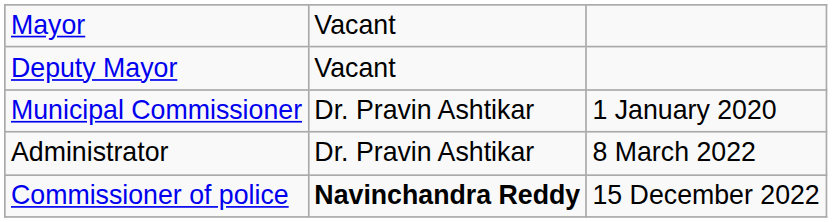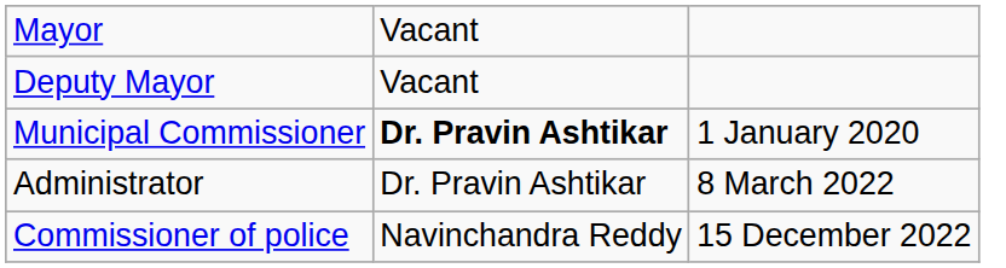 <table class="wikitable">
 <tr>
 <td><a href='#'>Mayor</a></td>
 <td>Vacant</td>
 <td></td>
 </tr>
 <tr>
 <td><a href='#'>Deputy Mayor</a></td>
 <td>Vacant</td>
 <td></td>
 </tr>
 <tr>
 <td><a href='#'>Municipal Commissioner</a></td>
-<td>Dr. Pravin Ashtikar</td>
+<td><strong>Dr. Pravin Ashtikar</strong></td>
 <td>1 January 2020</td>
 </tr>
 <tr>
 <td>Administrator</td>
 <td>Dr. Pravin Ashtikar</td>
 <td>8 March 2022</td>
 </tr>
 <tr>
 <td><a href='#'>Commissioner of police</a></td>
-<td><strong>Navinchandra Reddy</strong></td>
+<td>Navinchandra Reddy</td>
 <td>15 December 2022</td>
 </tr>
 </table>
